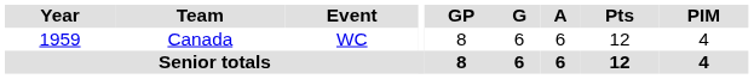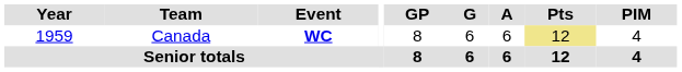 <table border="0" cellpadding="1" cellspacing="0" ID="Table3" style="text-align:center; width:40em">
 <tr bgcolor="#e0e0e0">
 <th>Year</th>
 <th>Team</th>
 <th>Event</th>
 <th rowspan="102" bgcolor="#ffffff"></th>
 <th>GP</th>
 <th>G</th>
 <th>A</th>
 <th>Pts</th>
 <th>PIM</th>
 </tr>
 <tr>
 <td><a href='#'>1959</a></td>
 <td><a href='#'>Canada</a></td>
-<td><a href='#'>WC</a></td>
+<td><strong><a href='#'>WC</a></strong></td>
 <td>8</td>
 <td>6</td>
 <td>6</td>
-<td>12</td>
+<td style="background: khaki;">12</td>
 <td>4</td>
 </tr>
 <tr bgcolor="#e0e0e0">
 <th colspan="4">Senior totals</th>
 <th>8</th>
 <th>6</th>
 <th>6</th>
 <th>12</th>
 <th>4</th>
 </tr>
 </table>
